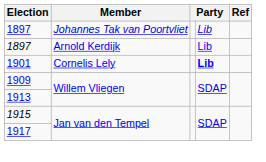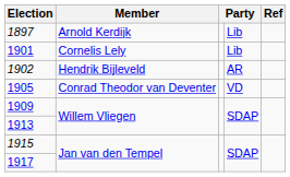 <table class="wikitable">
 <tr>
 <th scope="col">Election</th>
 <th scope="col">Member</th>
 <th scope="col" colspan="2">Party</th>
 <th scope="col">Ref</th>
-</tr>
-<tr>
-<td scope="row"><a href='#'>1897</a></td>
-<td scope="row"><em><a href='#'>Johannes Tak van Poortvliet</a></em></td>
-<td scope="row" style="background-color:"></td>
-<td scope="row"><em><a href='#'>Lib</a></em></td>
-<td scope="row"></td>
 </tr>
 <tr>
 <td scope="row"><em>1897</em></td>
 <td scope="row"><a href='#'>Arnold Kerdijk</a></td>
 <td scope="row" style="background-color:"></td>
 <td scope="row"><a href='#'>Lib</a></td>
 <td scope="row"></td>
 </tr>
 <tr>
 <td scope="row"><a href='#'>1901</a></td>
 <td scope="row"><a href='#'>Cornelis Lely</a></td>
 <td scope="row" style="background-color:"></td>
-<td scope="row"><strong><a href='#'>Lib</a></strong></td>
+<td scope="row"><a href='#'>Lib</a></td>
+<td scope="row"></td>
+</tr>
+<tr>
+<td scope="row"><em>1902</em></td>
+<td scope="row"><a href='#'>Hendrik Bijleveld</a></td>
+<td scope="row" style="background-color:"></td>
+<td scope="row"><a href='#'>AR</a></td>
+<td scope="row"></td>
+</tr>
+<tr>
+<td scope="row"><a href='#'>1905</a></td>
+<td scope="row"><a href='#'>Conrad Theodor van Deventer</a></td>
+<td scope="row" style="background-color:"></td>
+<td scope="row"><a href='#'>VD</a></td>
 <td scope="row"></td>
 </tr>
 <tr>
 <td scope="row"><a href='#'>1909</a></td>
 <td scope="row" rowspan=2><a href='#'>Willem Vliegen</a></td>
 <td scope="row" rowspan=2 style="background-color:"></td>
 <td scope="row" rowspan=2><a href='#'>SDAP</a></td>
 <td scope="row" rowspan=2></td>
 </tr>
 <tr>
 <td scope="row"><a href='#'>1913</a></td>
 </tr>
 <tr>
 <td scope="row"><em>1915</em></td>
 <td scope="row" rowspan=2><a href='#'>Jan van den Tempel</a></td>
 <td scope="row" rowspan=2 style="background-color:"></td>
 <td scope="row" rowspan=2><a href='#'>SDAP</a></td>
 <td scope="row" rowspan=2></td>
 </tr>
 <tr>
 <td scope="row"><a href='#'>1917</a></td>
 </tr>
 </table>
